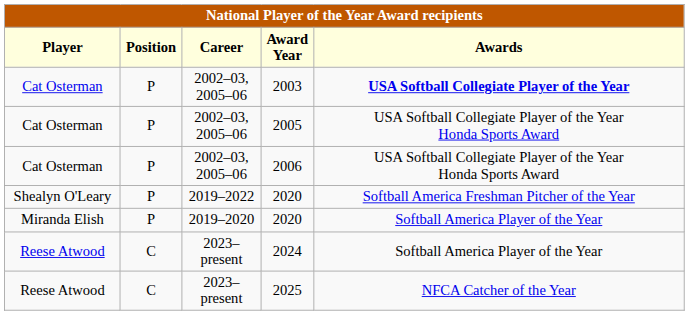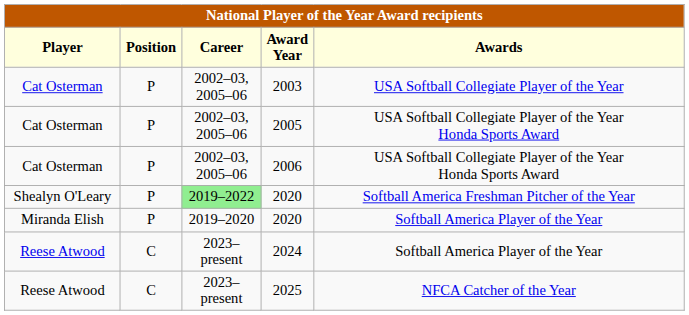 <table class="wikitable" style="text-align:center">
 <tr>
 <td colspan="6" style= "background: #BF5700; color:white"><strong>National Player of the Year Award recipients</strong></td>
 </tr>
 <tr>
 <th style="width:120px; background: #ffffdd;">Player</th>
 <th style="width:60px; background: #ffffdd;">Position</th>
 <th style="width:80px; background: #ffffdd;">Career</th>
 <th style="width:50px; background: #ffffdd;">Award Year</th>
 <th style="width:400px; background: #ffffdd;">Awards</th>
 </tr>
 <tr>
 <td><a href='#'>Cat Osterman</a></td>
 <td>P</td>
 <td>2002–03, 2005–06</td>
 <td>2003</td>
-<td><strong><a href='#'>USA Softball Collegiate Player of the Year</a></strong></td>
+<td><a href='#'>USA Softball Collegiate Player of the Year</a></td>
 </tr>
 <tr>
 <td>Cat Osterman</td>
 <td>P</td>
 <td>2002–03, 2005–06</td>
 <td>2005</td>
 <td>USA Softball Collegiate Player of the Year<br><a href='#'>Honda Sports Award</a></td>
 </tr>
 <tr>
 <td>Cat Osterman</td>
 <td>P</td>
 <td>2002–03, 2005–06</td>
 <td>2006</td>
 <td>USA Softball Collegiate Player of the Year<br>Honda Sports Award</td>
 </tr>
 <tr>
 <td>Shealyn O'Leary</td>
 <td>P</td>
-<td>2019–2022</td>
+<td style="background: lightgreen;">2019–2022</td>
 <td>2020</td>
 <td><a href='#'>Softball America Freshman Pitcher of the Year</a></td>
 </tr>
 <tr>
 <td>Miranda Elish</td>
 <td>P</td>
 <td>2019–2020</td>
 <td>2020</td>
 <td><a href='#'>Softball America Player of the Year</a></td>
 </tr>
 <tr>
 <td><a href='#'>Reese Atwood</a></td>
 <td>C</td>
 <td>2023–present</td>
 <td>2024</td>
 <td>Softball America Player of the Year</td>
 </tr>
 <tr>
 <td>Reese Atwood</td>
 <td>C</td>
 <td>2023–present</td>
 <td>2025</td>
 <td><a href='#'>NFCA Catcher of the Year</a></td>
 </tr>
 </table>
